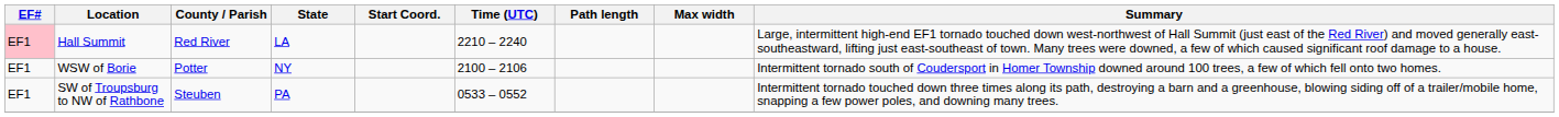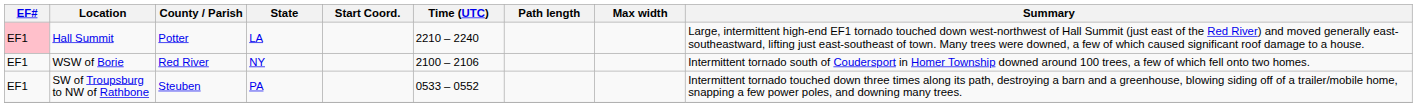 <table class="wikitable sortable" style="width:100%;">
 <tr>
 <th scope="col" width="3%" align="center"><a href='#'>EF#</a></th>
 <th scope="col" width="7%" align="center" class="unsortable">Location</th>
 <th scope="col" width="6%" align="center" class="unsortable">County / Parish</th>
 <th scope="col" width="5%" align="center">State</th>
 <th scope="col" width="6%" align="center">Start Coord.</th>
 <th scope="col" width="6%" align="center">Time (<a href='#'>UTC</a>)</th>
 <th scope="col" width="6%" align="center">Path length</th>
 <th scope="col" width="6%" align="center">Max width</th>
 <th scope="col" width="48%" class="unsortable" align="center">Summary</th>
 </tr>
 <tr>
 <td style="background: pink;">EF1</td>
 <td><a href='#'>Hall Summit</a></td>
-<td><a href='#'>Red River</a></td>
+<td><a href='#'>Potter</a></td>
 <td><a href='#'>LA</a></td>
 <td></td>
 <td>2210 – 2240</td>
 <td></td>
 <td></td>
 <td>Large, intermittent high-end EF1 tornado touched down west-northwest of Hall Summit (just east of the <a href='#'>Red River</a>) and moved generally east-southeastward, lifting just east-southeast of town. Many trees were downed, a few of which caused significant roof damage to a house.</td>
 </tr>
 <tr>
 <td>EF1</td>
 <td>WSW of <a href='#'>Borie</a></td>
-<td><a href='#'>Potter</a></td>
+<td><a href='#'>Red River</a></td>
 <td><a href='#'>NY</a></td>
 <td></td>
 <td>2100 – 2106</td>
 <td></td>
 <td></td>
 <td>Intermittent tornado south of <a href='#'>Coudersport</a> in <a href='#'>Homer Township</a> downed around 100 trees, a few of which fell onto two homes.</td>
 </tr>
 <tr>
 <td>EF1</td>
 <td>SW of <a href='#'>Troupsburg</a> to NW of <a href='#'>Rathbone</a></td>
 <td><a href='#'>Steuben</a></td>
 <td><a href='#'>PA</a></td>
 <td></td>
 <td>0533 – 0552</td>
 <td></td>
 <td></td>
 <td>Intermittent tornado touched down three times along its path, destroying a barn and a greenhouse, blowing siding off of a trailer/mobile home, snapping a few power poles, and downing many trees.</td>
 </tr>
 <tr>
 </tr>
 </table>
